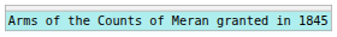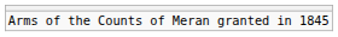 <table class="wikitable">
 <tr>
 <th></th>
 </tr>
 <tr>
-<td style="background: paleturquoise;">Arms of the Counts of Meran granted in 1845</td>
+<td>Arms of the Counts of Meran granted in 1845</td>
 </tr>
 </table>
